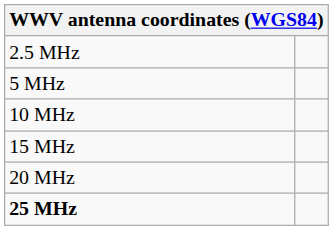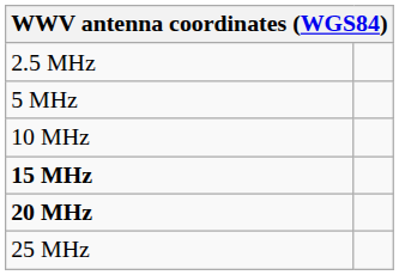 <table class="wikitable">
 <tr>
 <th colspan=2>WWV antenna coordinates (<a href='#'>WGS84</a>)</th>
 </tr>
 <tr>
 <td>2.5 MHz</td>
 <td></td>
 </tr>
 <tr>
 <td>5 MHz</td>
 <td></td>
 </tr>
 <tr>
 <td>10 MHz</td>
 <td></td>
 </tr>
 <tr>
-<td>15 MHz</td>
+<td><strong>15 MHz</strong></td>
 <td></td>
 </tr>
 <tr>
-<td>20 MHz</td>
+<td><strong>20 MHz</strong></td>
 <td></td>
 </tr>
 <tr>
-<td><strong>25 MHz</strong></td>
+<td>25 MHz</td>
 <td></td>
 </tr>
 </table>
